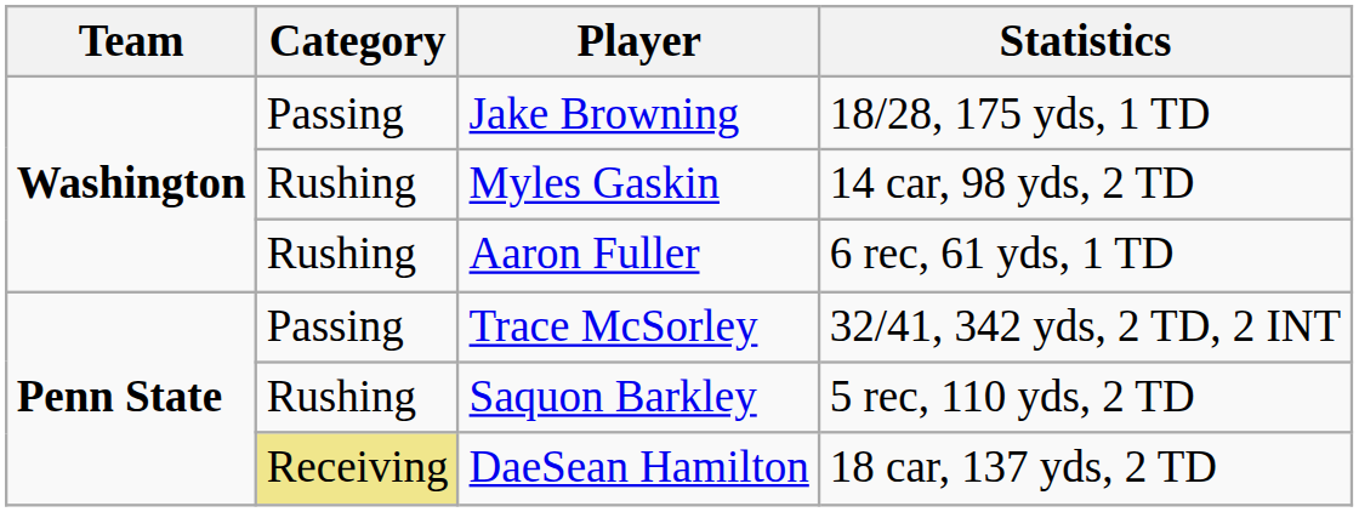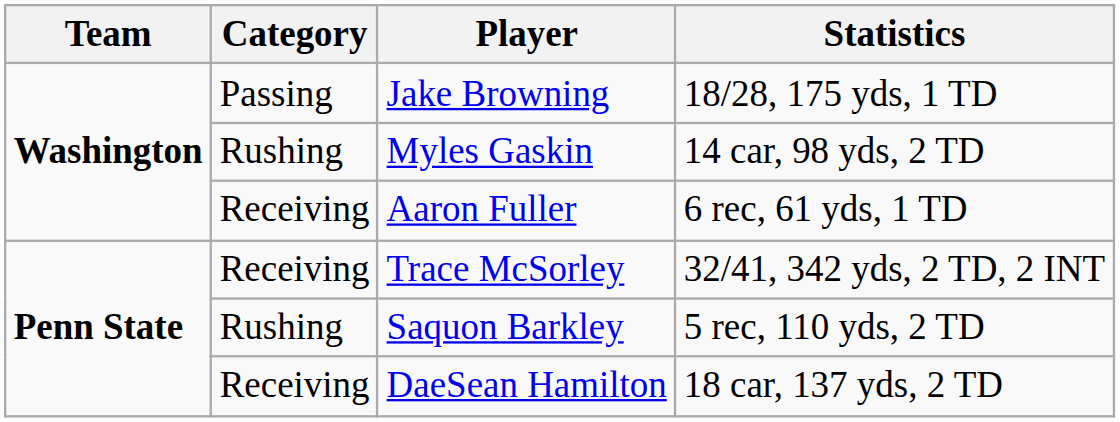 <table class="wikitable">
 <tr>
 <th>Team</th>
 <th>Category</th>
 <th>Player</th>
 <th>Statistics</th>
 </tr>
 <tr>
 <td rowspan=3><strong>Washington</strong></td>
 <td>Passing</td>
 <td><a href='#'>Jake Browning</a></td>
 <td>18/28, 175 yds, 1 TD</td>
 </tr>
 <tr>
 <td>Rushing</td>
 <td><a href='#'>Myles Gaskin</a></td>
 <td>14 car, 98 yds, 2 TD</td>
 </tr>
 <tr>
-<td>Rushing</td>
+<td>Receiving</td>
 <td><a href='#'>Aaron Fuller</a></td>
 <td>6 rec, 61 yds, 1 TD</td>
 </tr>
 <tr>
 <td rowspan=3><strong>Penn State</strong></td>
-<td>Passing</td>
+<td>Receiving</td>
 <td><a href='#'>Trace McSorley</a></td>
 <td>32/41, 342 yds, 2 TD, 2 INT</td>
 </tr>
 <tr>
 <td>Rushing</td>
 <td><a href='#'>Saquon Barkley</a></td>
 <td>5 rec, 110 yds, 2 TD</td>
 </tr>
 <tr>
-<td style="background: khaki;">Receiving</td>
+<td>Receiving</td>
 <td><a href='#'>DaeSean Hamilton</a></td>
 <td>18 car, 137 yds, 2 TD</td>
 </tr>
 </table>
